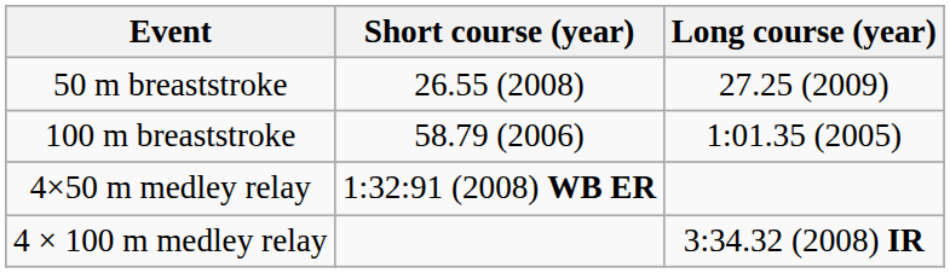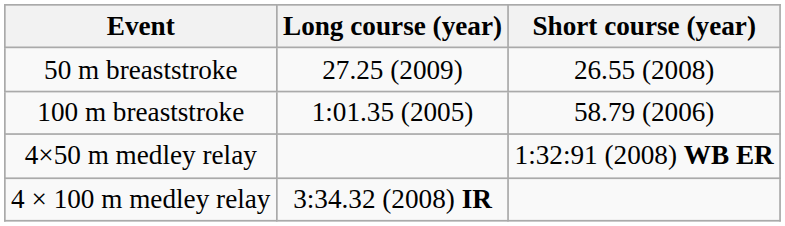 <table class="wikitable" style="text-align:center;">
 <tr>
 <th>Event</th>
+<th>Long course (year)</th>
 <th>Short course (year)</th>
-<th>Long course (year)</th>
 </tr>
 <tr>
 <td>50 m breaststroke</td>
+<td>27.25 (2009)</td>
 <td>26.55 (2008)</td>
-<td>27.25 (2009)</td>
 </tr>
 <tr>
 <td>100 m breaststroke</td>
+<td>1:01.35 (2005)</td>
 <td>58.79 (2006)</td>
-<td>1:01.35 (2005)</td>
 </tr>
 <tr>
 <td>4×50 m medley relay</td>
+<td></td>
 <td>1:32:91 (2008) <strong>WB ER</strong></td>
-<td></td>
 </tr>
 <tr>
 <td>4 × 100 m medley relay</td>
+<td>3:34.32 (2008) <strong>IR</strong></td>
 <td></td>
-<td>3:34.32 (2008) <strong>IR</strong></td>
 </tr>
 </table>
